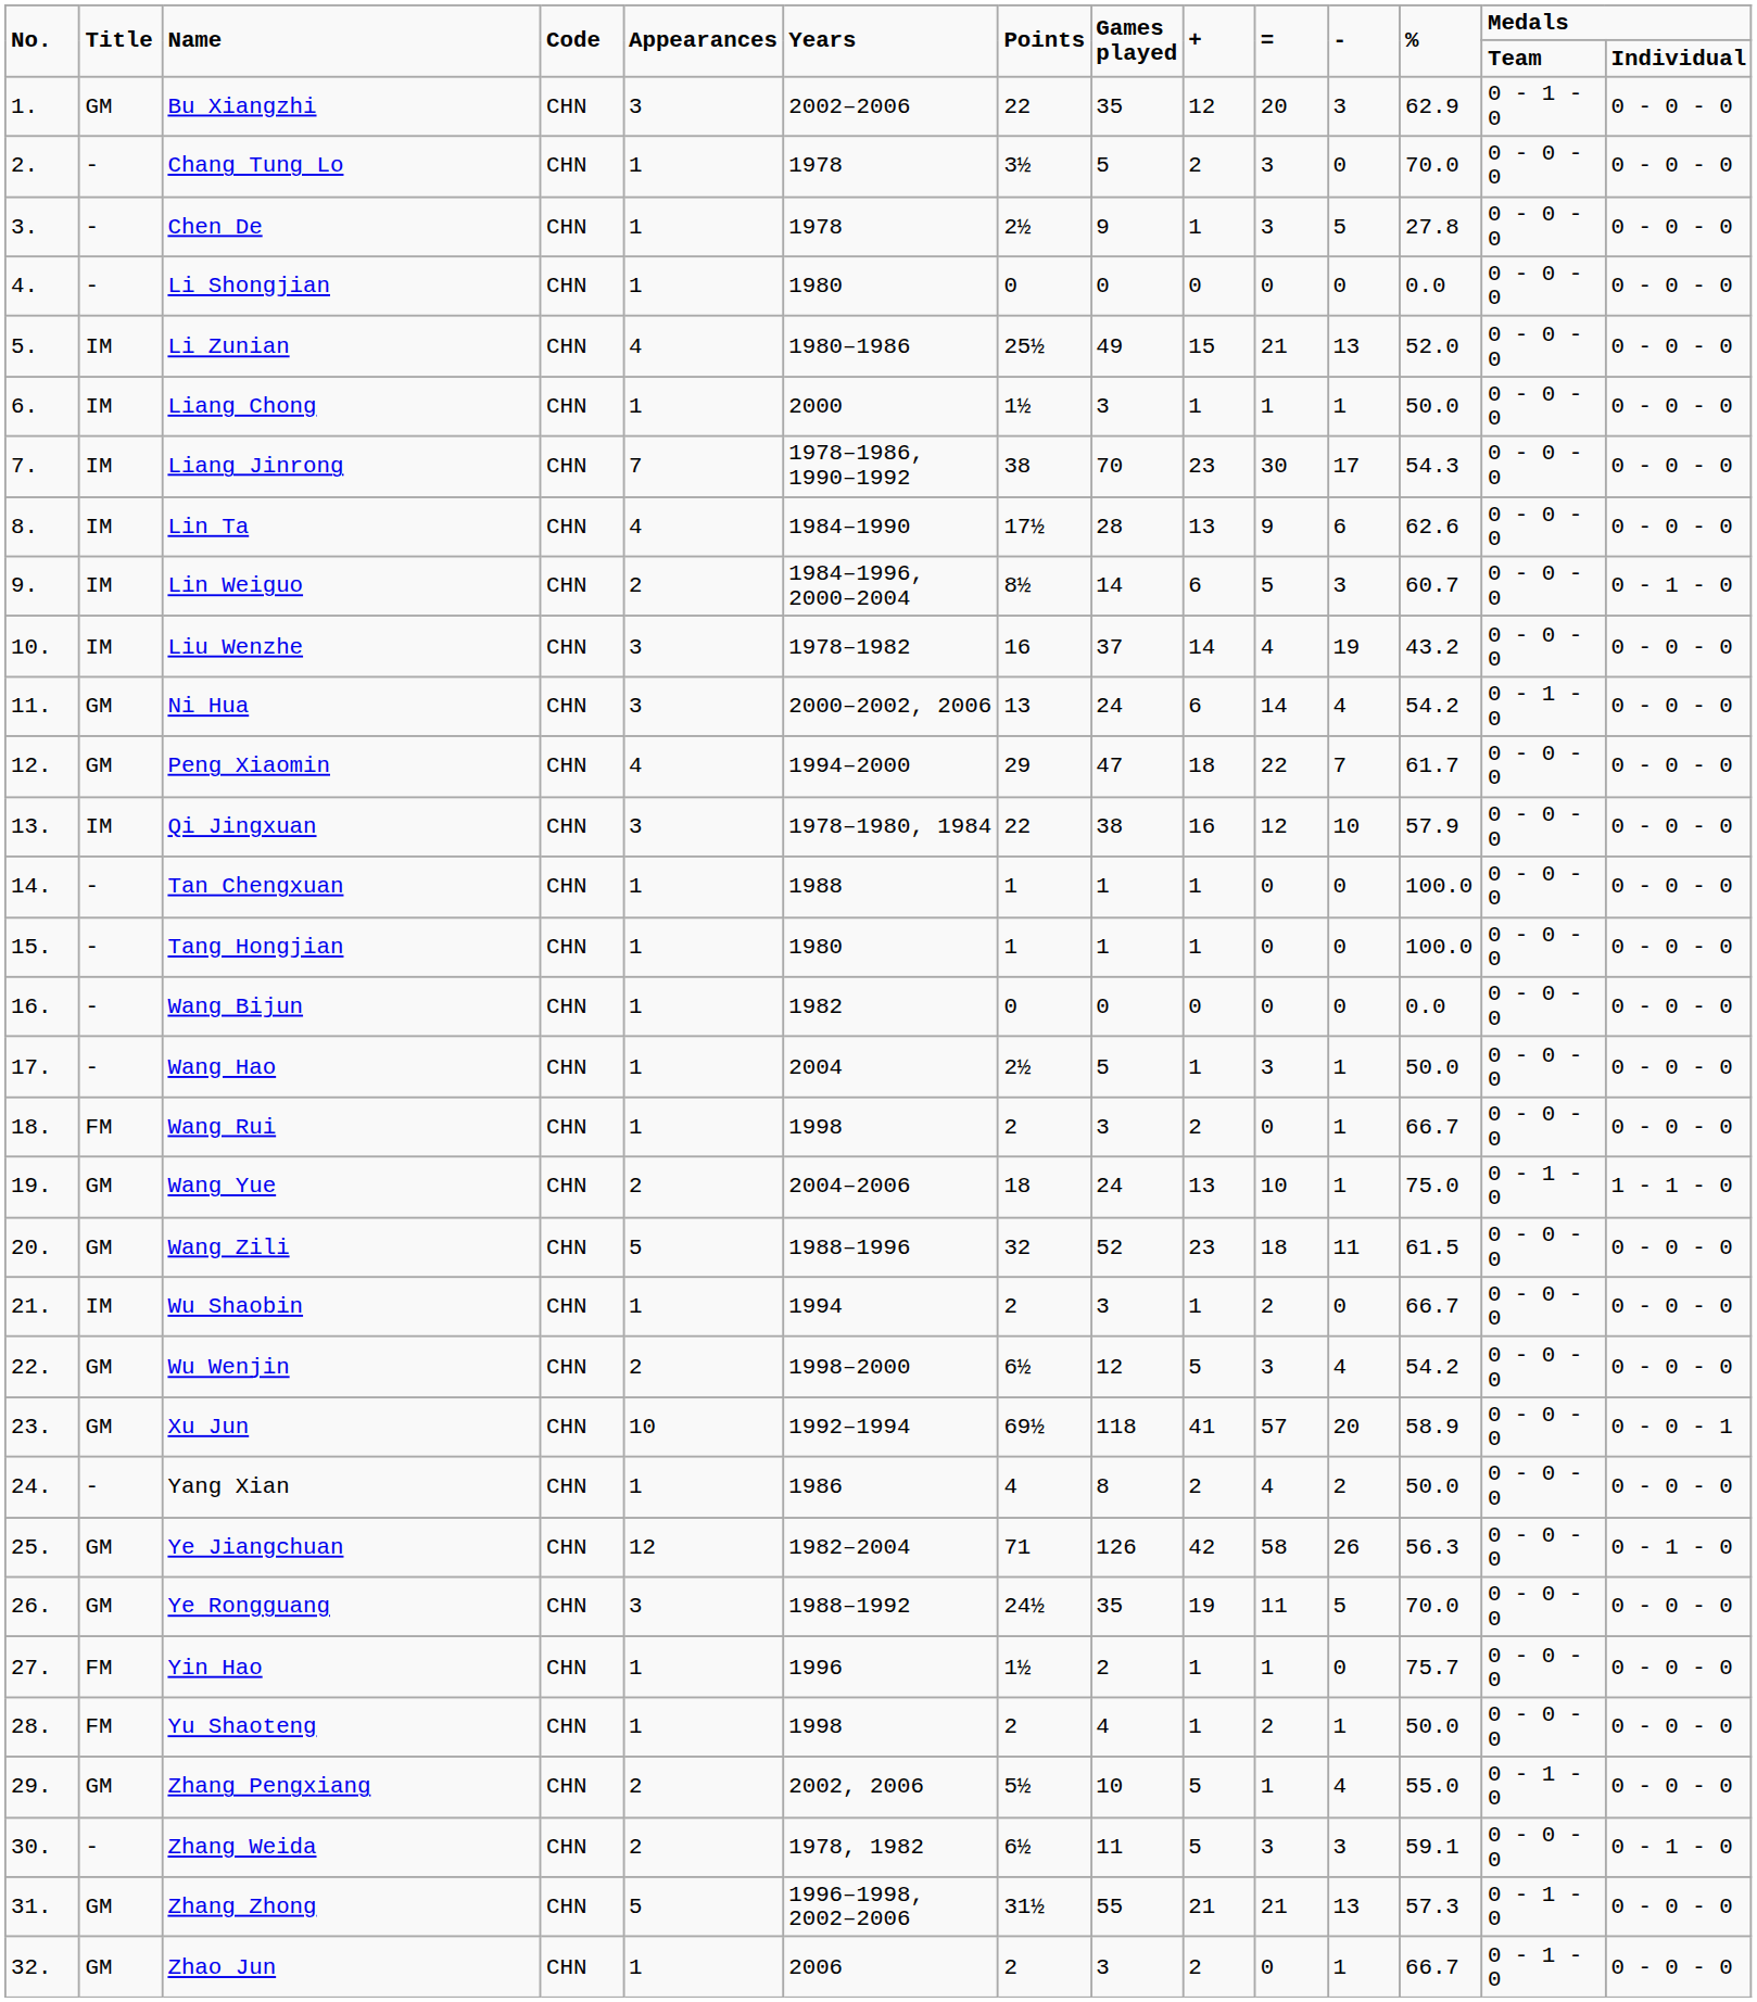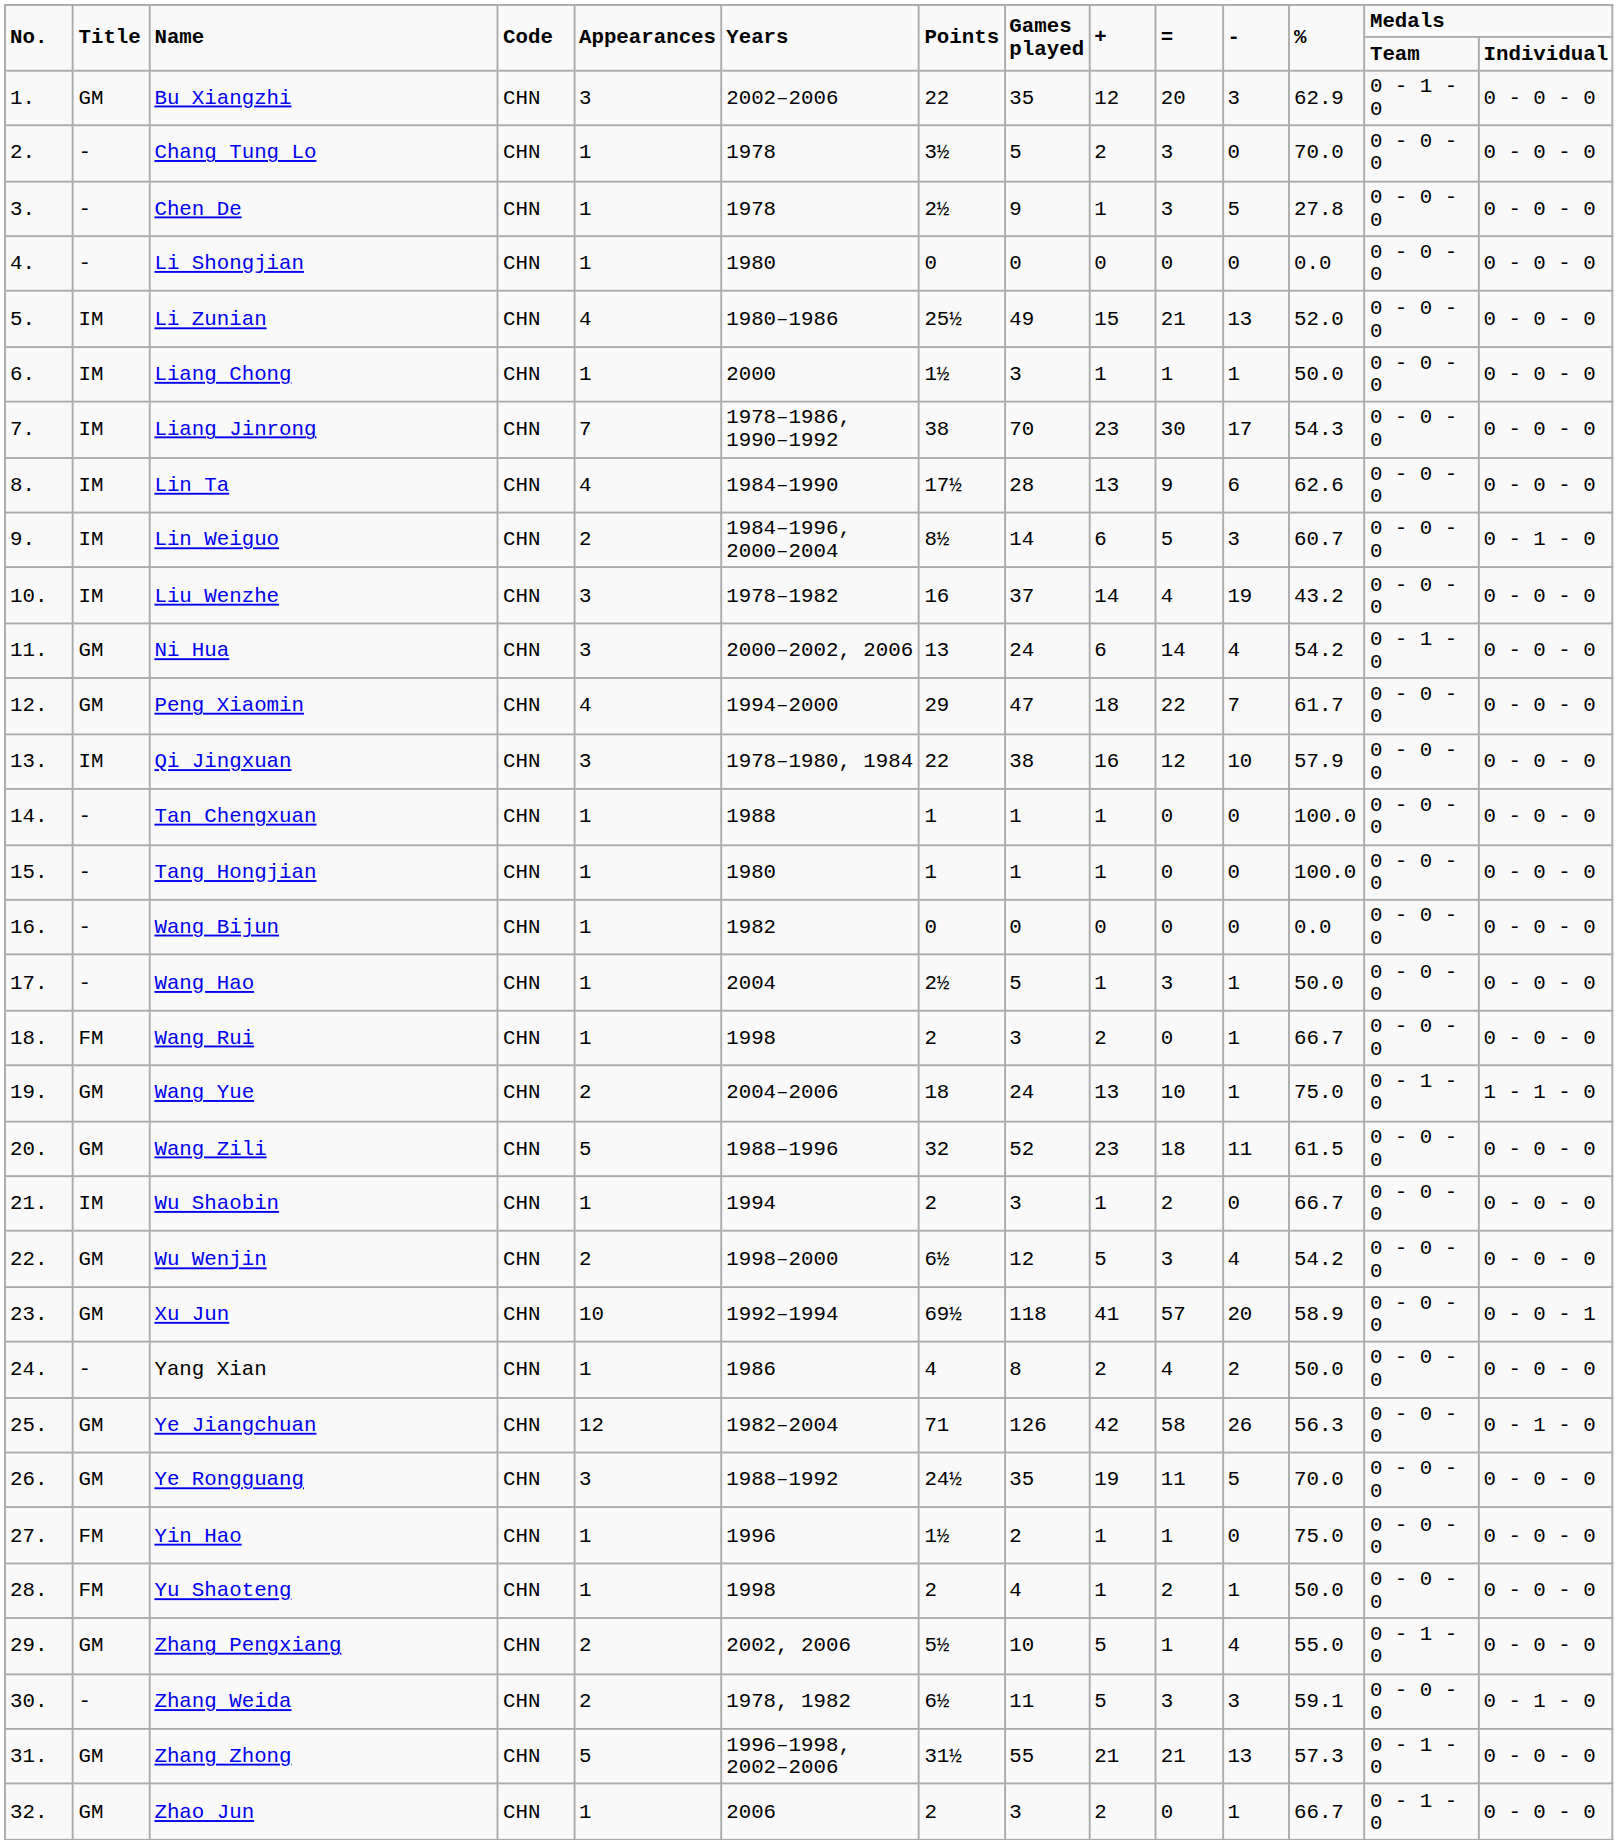 <table class="wikitable" style="font-size:85%" align=center>
 <tr>
 <td width=31 rowspan=2  class="bog"><strong>No.</strong></td>
 <td style="cursor:pointer" onClick="window.location.href='chn_i00.html'" width=35 rowspan=2 class="bog"><strong>Title</strong></td>
 <td width=180 rowspan=2 class="bog"><strong>Name</strong></td>
 <td width=35 rowspan=2 class="bog"><strong>Code</strong></td>
 <td style="cursor:pointer" onClick="window.location.href='chn_i03.html'" width=25 rowspan=2 class="bog"><strong>Appearances</strong></td>
 <td style="cursor:pointer" onClick="window.location.href='chn_i04.html'" width=100 rowspan=2 class="bog"><strong>Years</strong></td>
 <td style="cursor:pointer" onClick="window.location.href='chn_i05.html'" width=35 rowspan=2 class="bog"><strong>Points</strong></td>
 <td style="cursor:pointer" onClick="window.location.href='chn_i06.html'" width=35 rowspan=2 class="bog"><strong>Games played</strong></td>
 <td style="cursor:pointer" onClick="window.location.href='chn_i07.html'" width=30 rowspan=2 class="bog"><strong>+</strong></td>
 <td style="cursor:pointer" onClick="window.location.href='chn_i08.html'" width=30 rowspan=2 class="bog"><strong>=</strong></td>
 <td style="cursor:pointer" onClick="window.location.href='chn_i09.html'" width=30 rowspan=2 class="bog"><strong>-</strong></td>
 <td style="cursor:pointer" onClick="window.location.href='chn_i10.html'" width=35 rowspan=2 class="bog"><strong>%</strong></td>
 <td width=110 colspan=2 class="bog"><strong>Medals</strong></td>
 </tr>
 <tr>
 <td style="cursor:pointer" onClick="window.location.href='chn_i12.html'" width=55 class="bog"><strong>Team</strong></td>
 <td style="cursor:pointer" onClick="window.location.href='chn_i11.html'" width=55 class="bog"><strong>Individual</strong></td>
 </tr>
 <tr>
 <td>1.</td>
 <td>GM</td>
 <td class="let" width=180><a href='#'>Bu Xiangzhi</a></td>
 <td width=35>CHN</td>
 <td>3</td>
 <td width=100>2002–2006</td>
 <td>22</td>
 <td>35</td>
 <td>12</td>
 <td>20</td>
 <td>3</td>
 <td>62.9</td>
 <td>0 - 1 - 0</td>
 <td>0 - 0 - 0</td>
 </tr>
 <tr>
 <td>2.</td>
 <td>-</td>
 <td class="let" width=180><a href='#'>Chang Tung Lo</a></td>
 <td width=35>CHN</td>
 <td>1</td>
 <td width=100>1978</td>
 <td>3½</td>
 <td>5</td>
 <td>2</td>
 <td>3</td>
 <td>0</td>
 <td>70.0</td>
 <td>0 - 0 - 0</td>
 <td>0 - 0 - 0</td>
 </tr>
 <tr>
 <td>3.</td>
 <td>-</td>
 <td class="let" width=180><a href='#'>Chen De</a></td>
 <td width=35>CHN</td>
 <td>1</td>
 <td width=100>1978</td>
 <td>2½</td>
 <td>9</td>
 <td>1</td>
 <td>3</td>
 <td>5</td>
 <td>27.8</td>
 <td>0 - 0 - 0</td>
 <td>0 - 0 - 0</td>
 </tr>
 <tr>
 <td>4.</td>
 <td>-</td>
 <td class="let" width=180><a href='#'>Li Shongjian</a></td>
 <td width=35>CHN</td>
 <td>1</td>
 <td width=100>1980</td>
 <td>0</td>
 <td>0</td>
 <td>0</td>
 <td>0</td>
 <td>0</td>
 <td>0.0</td>
 <td>0 - 0 - 0</td>
 <td>0 - 0 - 0</td>
 </tr>
 <tr>
 <td>5.</td>
 <td>IM</td>
 <td class="let" width=180><a href='#'>Li Zunian</a></td>
 <td width=35>CHN</td>
 <td>4</td>
 <td width=100>1980–1986</td>
 <td>25½</td>
 <td>49</td>
 <td>15</td>
 <td>21</td>
 <td>13</td>
 <td>52.0</td>
 <td>0 - 0 - 0</td>
 <td>0 - 0 - 0</td>
 </tr>
 <tr>
 <td>6.</td>
 <td>IM</td>
 <td class="let" width=180><a href='#'>Liang Chong</a></td>
 <td width=35>CHN</td>
 <td>1</td>
 <td width=100>2000</td>
 <td>1½</td>
 <td>3</td>
 <td>1</td>
 <td>1</td>
 <td>1</td>
 <td>50.0</td>
 <td>0 - 0 - 0</td>
 <td>0 - 0 - 0</td>
 </tr>
 <tr>
 <td>7.</td>
 <td>IM</td>
 <td class="let" width=180><a href='#'>Liang Jinrong</a></td>
 <td width=35>CHN</td>
 <td>7</td>
 <td width=100>1978–1986, 1990–1992</td>
 <td>38</td>
 <td>70</td>
 <td>23</td>
 <td>30</td>
 <td>17</td>
 <td>54.3</td>
 <td>0 - 0 - 0</td>
 <td>0 - 0 - 0</td>
 </tr>
 <tr>
 <td>8.</td>
 <td>IM</td>
 <td class="let" width=180><a href='#'>Lin Ta</a></td>
 <td width=35>CHN</td>
 <td>4</td>
 <td width=100>1984–1990</td>
 <td>17½</td>
 <td>28</td>
 <td>13</td>
 <td>9</td>
 <td>6</td>
 <td>62.6</td>
 <td>0 - 0 - 0</td>
 <td>0 - 0 - 0</td>
 </tr>
 <tr>
 <td>9.</td>
 <td>IM</td>
 <td class="let" width=180><a href='#'>Lin Weiguo</a></td>
 <td width=35>CHN</td>
 <td>2</td>
 <td width=100>1984–1996, 2000–2004</td>
 <td>8½</td>
 <td>14</td>
 <td>6</td>
 <td>5</td>
 <td>3</td>
 <td>60.7</td>
 <td>0 - 0 - 0</td>
 <td>0 - 1 - 0</td>
 </tr>
 <tr>
 <td>10.</td>
 <td>IM</td>
 <td class="let" width=180><a href='#'>Liu Wenzhe</a></td>
 <td width=35>CHN</td>
 <td>3</td>
 <td width=100>1978–1982</td>
 <td>16</td>
 <td>37</td>
 <td>14</td>
 <td>4</td>
 <td>19</td>
 <td>43.2</td>
 <td>0 - 0 - 0</td>
 <td>0 - 0 - 0</td>
 </tr>
 <tr>
 <td>11.</td>
 <td>GM</td>
 <td class="let" width=180><a href='#'>Ni Hua</a></td>
 <td width=35>CHN</td>
 <td>3</td>
 <td width=100>2000–2002, 2006</td>
 <td>13</td>
 <td>24</td>
 <td>6</td>
 <td>14</td>
 <td>4</td>
 <td>54.2</td>
 <td>0 - 1 - 0</td>
 <td>0 - 0 - 0</td>
 </tr>
 <tr>
 <td>12.</td>
 <td>GM</td>
 <td class="let" width=180><a href='#'>Peng Xiaomin</a></td>
 <td width=35>CHN</td>
 <td>4</td>
 <td width=100>1994–2000</td>
 <td>29</td>
 <td>47</td>
 <td>18</td>
 <td>22</td>
 <td>7</td>
 <td>61.7</td>
 <td>0 - 0 - 0</td>
 <td>0 - 0 - 0</td>
 </tr>
 <tr>
 <td>13.</td>
 <td>IM</td>
 <td class="let" width=180><a href='#'>Qi Jingxuan</a></td>
 <td width=35>CHN</td>
 <td>3</td>
 <td width=100>1978–1980, 1984</td>
 <td>22</td>
 <td>38</td>
 <td>16</td>
 <td>12</td>
 <td>10</td>
 <td>57.9</td>
 <td>0 - 0 - 0</td>
 <td>0 - 0 - 0</td>
 </tr>
 <tr>
 <td>14.</td>
 <td>-</td>
 <td class="let" width=180><a href='#'>Tan Chengxuan</a></td>
 <td width=35>CHN</td>
 <td>1</td>
 <td width=100>1988</td>
 <td>1</td>
 <td>1</td>
 <td>1</td>
 <td>0</td>
 <td>0</td>
 <td>100.0</td>
 <td>0 - 0 - 0</td>
 <td>0 - 0 - 0</td>
 </tr>
 <tr>
 <td>15.</td>
 <td>-</td>
 <td class="let" width=180><a href='#'>Tang Hongjian</a></td>
 <td width=35>CHN</td>
 <td>1</td>
 <td width=100>1980</td>
 <td>1</td>
 <td>1</td>
 <td>1</td>
 <td>0</td>
 <td>0</td>
 <td>100.0</td>
 <td>0 - 0 - 0</td>
 <td>0 - 0 - 0</td>
 </tr>
 <tr>
 <td>16.</td>
 <td>-</td>
 <td class="let" width=180><a href='#'>Wang Bijun</a></td>
 <td width=35>CHN</td>
 <td>1</td>
 <td width=100>1982</td>
 <td>0</td>
 <td>0</td>
 <td>0</td>
 <td>0</td>
 <td>0</td>
 <td>0.0</td>
 <td>0 - 0 - 0</td>
 <td>0 - 0 - 0</td>
 </tr>
 <tr>
 <td>17.</td>
 <td>-</td>
 <td class="let" width=180><a href='#'>Wang Hao</a></td>
 <td width=35>CHN</td>
 <td>1</td>
 <td width=100>2004</td>
 <td>2½</td>
 <td>5</td>
 <td>1</td>
 <td>3</td>
 <td>1</td>
 <td>50.0</td>
 <td>0 - 0 - 0</td>
 <td>0 - 0 - 0</td>
 </tr>
 <tr>
 <td>18.</td>
 <td>FM</td>
 <td class="let" width=180><a href='#'>Wang Rui</a></td>
 <td width=35>CHN</td>
 <td>1</td>
 <td width=100>1998</td>
 <td>2</td>
 <td>3</td>
 <td>2</td>
 <td>0</td>
 <td>1</td>
 <td>66.7</td>
 <td>0 - 0 - 0</td>
 <td>0 - 0 - 0</td>
 </tr>
 <tr>
 <td>19.</td>
 <td>GM</td>
 <td class="let" width=180><a href='#'>Wang Yue</a></td>
 <td width=35>CHN</td>
 <td>2</td>
 <td width=100>2004–2006</td>
 <td>18</td>
 <td>24</td>
 <td>13</td>
 <td>10</td>
 <td>1</td>
 <td>75.0</td>
 <td>0 - 1 - 0</td>
 <td>1 - 1 - 0</td>
 </tr>
 <tr>
 <td>20.</td>
 <td>GM</td>
 <td class="let" width=180><a href='#'>Wang Zili</a></td>
 <td width=35>CHN</td>
 <td>5</td>
 <td width=100>1988–1996</td>
 <td>32</td>
 <td>52</td>
 <td>23</td>
 <td>18</td>
 <td>11</td>
 <td>61.5</td>
 <td>0 - 0 - 0</td>
 <td>0 - 0 - 0</td>
 </tr>
 <tr>
 <td>21.</td>
 <td>IM</td>
 <td class="let" width=180><a href='#'>Wu Shaobin</a></td>
 <td width=35>CHN</td>
 <td>1</td>
 <td width=100>1994</td>
 <td>2</td>
 <td>3</td>
 <td>1</td>
 <td>2</td>
 <td>0</td>
 <td>66.7</td>
 <td>0 - 0 - 0</td>
 <td>0 - 0 - 0</td>
 </tr>
 <tr>
 <td>22.</td>
 <td>GM</td>
 <td class="let" width=180><a href='#'>Wu Wenjin</a></td>
 <td width=35>CHN</td>
 <td>2</td>
 <td width=100>1998–2000</td>
 <td>6½</td>
 <td>12</td>
 <td>5</td>
 <td>3</td>
 <td>4</td>
 <td>54.2</td>
 <td>0 - 0 - 0</td>
 <td>0 - 0 - 0</td>
 </tr>
 <tr>
 <td>23.</td>
 <td>GM</td>
 <td class="let" width=180><a href='#'>Xu Jun</a></td>
 <td width=35>CHN</td>
 <td>10</td>
 <td width=100>1992–1994</td>
 <td>69½</td>
 <td>118</td>
 <td>41</td>
 <td>57</td>
 <td>20</td>
 <td>58.9</td>
 <td>0 - 0 - 0</td>
 <td>0 - 0 - 1</td>
 </tr>
 <tr>
 <td>24.</td>
 <td>-</td>
 <td class="let" width=180>Yang Xian</td>
 <td width=35>CHN</td>
 <td>1</td>
 <td width=100>1986</td>
 <td>4</td>
 <td>8</td>
 <td>2</td>
 <td>4</td>
 <td>2</td>
 <td>50.0</td>
 <td>0 - 0 - 0</td>
 <td>0 - 0 - 0</td>
 </tr>
 <tr>
 <td>25.</td>
 <td>GM</td>
 <td class="let" width=180><a href='#'>Ye Jiangchuan</a></td>
 <td width=35>CHN</td>
 <td>12</td>
 <td width=100>1982–2004</td>
 <td>71</td>
 <td>126</td>
 <td>42</td>
 <td>58</td>
 <td>26</td>
 <td>56.3</td>
 <td>0 - 0 - 0</td>
 <td>0 - 1 - 0</td>
 </tr>
 <tr>
 <td>26.</td>
 <td>GM</td>
 <td class="let" width=180><a href='#'>Ye Rongguang</a></td>
 <td width=35>CHN</td>
 <td>3</td>
 <td width=100>1988–1992</td>
 <td>24½</td>
 <td>35</td>
 <td>19</td>
 <td>11</td>
 <td>5</td>
 <td>70.0</td>
 <td>0 - 0 - 0</td>
 <td>0 - 0 - 0</td>
 </tr>
 <tr>
 <td>27.</td>
 <td>FM</td>
 <td class="let" width=180><a href='#'>Yin Hao</a></td>
 <td width=35>CHN</td>
 <td>1</td>
 <td width=100>1996</td>
 <td>1½</td>
 <td>2</td>
 <td>1</td>
 <td>1</td>
 <td>0</td>
-<td>75.7</td>
+<td>75.0</td>
 <td>0 - 0 - 0</td>
 <td>0 - 0 - 0</td>
 </tr>
 <tr>
 <td>28.</td>
 <td>FM</td>
 <td class="let" width=180><a href='#'>Yu Shaoteng</a></td>
 <td width=35>CHN</td>
 <td>1</td>
 <td width=100>1998</td>
 <td>2</td>
 <td>4</td>
 <td>1</td>
 <td>2</td>
 <td>1</td>
 <td>50.0</td>
 <td>0 - 0 - 0</td>
 <td>0 - 0 - 0</td>
 </tr>
 <tr>
 <td>29.</td>
 <td>GM</td>
 <td class="let" width=180><a href='#'>Zhang Pengxiang</a></td>
 <td width=35>CHN</td>
 <td>2</td>
 <td width=100>2002, 2006</td>
 <td>5½</td>
 <td>10</td>
 <td>5</td>
 <td>1</td>
 <td>4</td>
 <td>55.0</td>
 <td>0 - 1 - 0</td>
 <td>0 - 0 - 0</td>
 </tr>
 <tr>
 <td>30.</td>
 <td>-</td>
 <td class="let" width=180><a href='#'>Zhang Weida</a></td>
 <td width=35>CHN</td>
 <td>2</td>
 <td width=100>1978, 1982</td>
 <td>6½</td>
 <td>11</td>
 <td>5</td>
 <td>3</td>
 <td>3</td>
 <td>59.1</td>
 <td>0 - 0 - 0</td>
 <td>0 - 1 - 0</td>
 </tr>
 <tr>
 <td>31.</td>
 <td>GM</td>
 <td class="let" width=180><a href='#'>Zhang Zhong</a></td>
 <td width=35>CHN</td>
 <td>5</td>
 <td width=100>1996–1998, 2002–2006</td>
 <td>31½</td>
 <td>55</td>
 <td>21</td>
 <td>21</td>
 <td>13</td>
 <td>57.3</td>
 <td>0 - 1 - 0</td>
 <td>0 - 0 - 0</td>
 </tr>
 <tr>
 <td>32.</td>
 <td>GM</td>
 <td class="let" width=180><a href='#'>Zhao Jun</a></td>
 <td width=35>CHN</td>
 <td>1</td>
 <td width=100>2006</td>
 <td>2</td>
 <td>3</td>
 <td>2</td>
 <td>0</td>
 <td>1</td>
 <td>66.7</td>
 <td>0 - 1 - 0</td>
 <td>0 - 0 - 0</td>
 </tr>
 </table>
